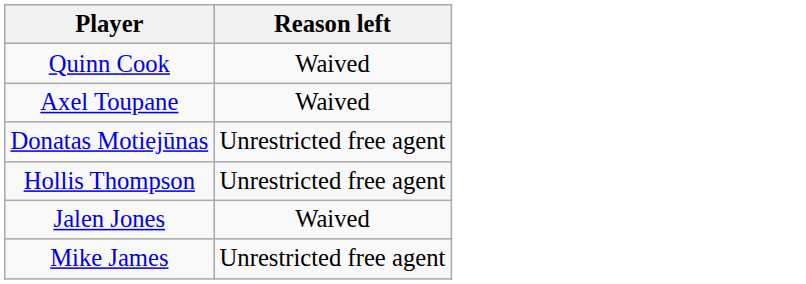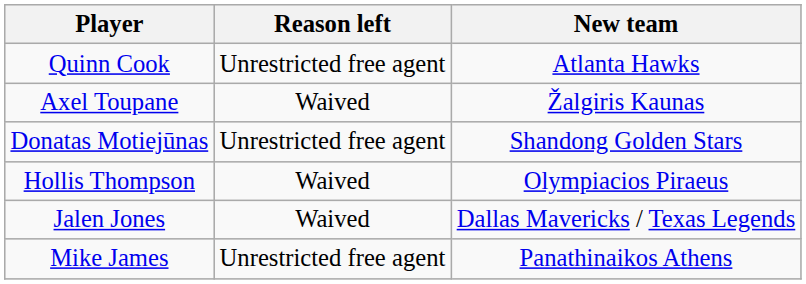 <table class="wikitable sortable sortable">
 <tr>
 <th>Player</th>
 <th>Reason left</th>
+<th>New team</th>
 </tr>
 <tr style="text-align: center">
 <td><a href='#'>Quinn Cook</a></td>
-<td>Waived</td>
+<td>Unrestricted free agent</td>
+<td><a href='#'>Atlanta Hawks</a></td>
 </tr>
 <tr style="text-align: center">
 <td><a href='#'>Axel Toupane</a></td>
 <td>Waived</td>
+<td> <a href='#'>Žalgiris Kaunas</a></td>
 </tr>
 <tr style="text-align:center">
 <td><a href='#'>Donatas Motiejūnas</a></td>
 <td>Unrestricted free agent</td>
+<td> <a href='#'>Shandong Golden Stars</a></td>
 </tr>
 <tr style="text-align:center">
 <td><a href='#'>Hollis Thompson</a></td>
-<td>Unrestricted free agent</td>
+<td>Waived</td>
+<td> <a href='#'>Olympiacios Piraeus</a></td>
 </tr>
 <tr style="text-align:center">
 <td><a href='#'>Jalen Jones</a></td>
 <td>Waived</td>
+<td><a href='#'>Dallas Mavericks</a> / <a href='#'>Texas Legends</a></td>
 </tr>
 <tr style="text-align:center">
 <td><a href='#'>Mike James</a></td>
 <td>Unrestricted free agent</td>
+<td> <a href='#'>Panathinaikos Athens</a></td>
 </tr>
 </table>
